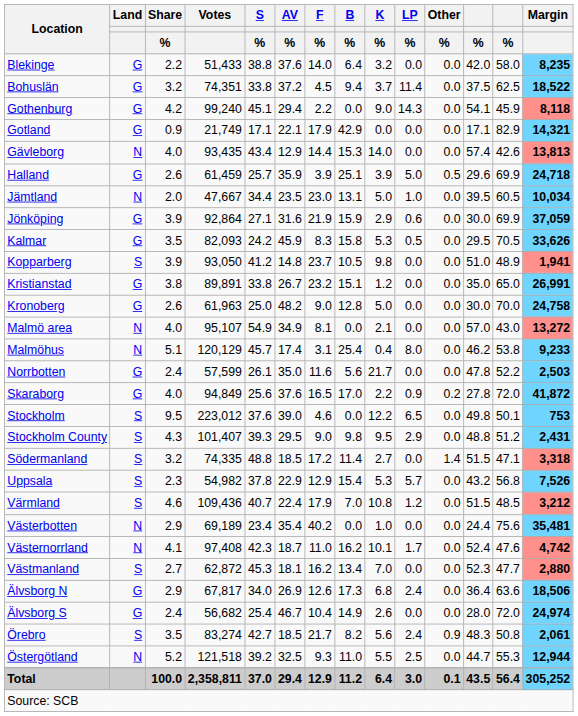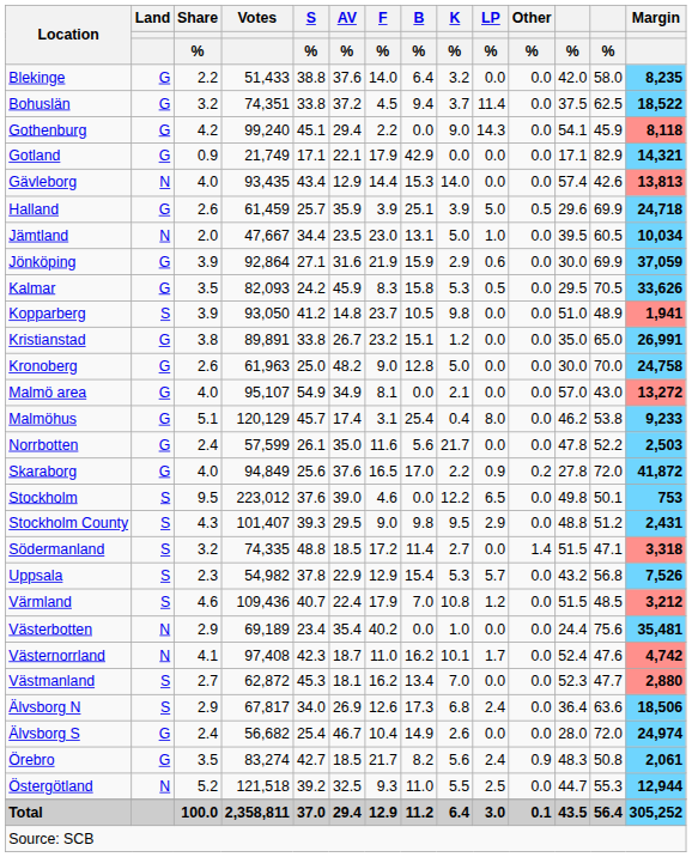 <table class="wikitable sortable" style="text-align:right; font-size:95%; line-height:20px;">
 <tr>
 <th rowspan="3">Location</th>
 <th>Land</th>
 <th>Share</th>
 <th>Votes</th>
 <th width="30px" class="unsortable"><a href='#'>S</a></th>
 <th width="30px" class="unsortable"><a href='#'>AV</a></th>
 <th width="30px" class="unsortable"><a href='#'>F</a></th>
 <th width="30px" class="unsortable"><a href='#'>B</a></th>
 <th width="30px" class="unsortable"><a href='#'>K</a></th>
 <th width="30px" class="unsortable"><a href='#'>LP</a></th>
 <th width="30px" class="unsortable">Other</th>
 <th></th>
 <th></th>
 <th>Margin</th>
 </tr>
 <tr>
 <th></th>
 <th></th>
 <th></th>
 <th style="background:"></th>
 <th style="background:"></th>
 <th style="background:"></th>
 <th style="background:"></th>
 <th style="background:"></th>
 <th style="background:"></th>
 <th style="background:"></th>
 <th style="background:"></th>
 <th style="background:"></th>
 <th></th>
 </tr>
 <tr>
 <th></th>
 <th data-sort-type="number">%</th>
 <th></th>
 <th data-sort-type="number">%</th>
 <th data-sort-type="number">%</th>
 <th data-sort-type="number">%</th>
 <th data-sort-type="number">%</th>
 <th data-sort-type="number">%</th>
 <th data-sort-type="number">%</th>
 <th data-sort-type="number">%</th>
 <th data-sort-type="number">%</th>
 <th data-sort-type="number">%</th>
 <th></th>
 </tr>
 <tr>
 <td align=left><a href='#'>Blekinge</a></td>
 <td><a href='#'>G</a></td>
 <td>2.2</td>
 <td>51,433</td>
 <td>38.8</td>
 <td>37.6</td>
 <td>14.0</td>
 <td>6.4</td>
 <td>3.2</td>
 <td>0.0</td>
 <td>0.0</td>
 <td>42.0</td>
 <td>58.0</td>
 <td bgcolor=#6fd5fe><strong>8,235</strong></td>
 </tr>
 <tr>
 <td align=left><a href='#'>Bohuslän</a></td>
 <td><a href='#'>G</a></td>
 <td>3.2</td>
 <td>74,351</td>
 <td>33.8</td>
 <td>37.2</td>
 <td>4.5</td>
 <td>9.4</td>
 <td>3.7</td>
 <td>11.4</td>
 <td>0.0</td>
 <td>37.5</td>
 <td>62.5</td>
 <td bgcolor=#6fd5fe><strong>18,522</strong></td>
 </tr>
 <tr>
 <td align=left><a href='#'>Gothenburg</a></td>
 <td><a href='#'>G</a></td>
 <td>4.2</td>
 <td>99,240</td>
 <td>45.1</td>
 <td>29.4</td>
 <td>2.2</td>
 <td>0.0</td>
 <td>9.0</td>
 <td>14.3</td>
 <td>0.0</td>
 <td>54.1</td>
 <td>45.9</td>
 <td bgcolor=#ff908c><strong>8,118</strong></td>
 </tr>
 <tr>
 <td align=left><a href='#'>Gotland</a></td>
 <td><a href='#'>G</a></td>
 <td>0.9</td>
 <td>21,749</td>
 <td>17.1</td>
 <td>22.1</td>
 <td>17.9</td>
 <td>42.9</td>
 <td>0.0</td>
 <td>0.0</td>
 <td>0.0</td>
 <td>17.1</td>
 <td>82.9</td>
 <td bgcolor=#6fd5fe><strong>14,321</strong></td>
 </tr>
 <tr>
 <td align=left><a href='#'>Gävleborg</a></td>
 <td><a href='#'>N</a></td>
 <td>4.0</td>
 <td>93,435</td>
 <td>43.4</td>
 <td>12.9</td>
 <td>14.4</td>
 <td>15.3</td>
 <td>14.0</td>
 <td>0.0</td>
 <td>0.0</td>
 <td>57.4</td>
 <td>42.6</td>
 <td bgcolor=#ff908c><strong>13,813</strong></td>
 </tr>
 <tr>
 <td align=left><a href='#'>Halland</a></td>
 <td><a href='#'>G</a></td>
 <td>2.6</td>
 <td>61,459</td>
 <td>25.7</td>
 <td>35.9</td>
 <td>3.9</td>
 <td>25.1</td>
 <td>3.9</td>
 <td>5.0</td>
 <td>0.5</td>
 <td>29.6</td>
 <td>69.9</td>
 <td bgcolor=#6fd5fe><strong>24,718</strong></td>
 </tr>
 <tr>
 <td align=left><a href='#'>Jämtland</a></td>
 <td><a href='#'>N</a></td>
 <td>2.0</td>
 <td>47,667</td>
 <td>34.4</td>
 <td>23.5</td>
 <td>23.0</td>
 <td>13.1</td>
 <td>5.0</td>
 <td>1.0</td>
 <td>0.0</td>
 <td>39.5</td>
 <td>60.5</td>
 <td bgcolor=#6fd5fe><strong>10,034</strong></td>
 </tr>
 <tr>
 <td align=left><a href='#'>Jönköping</a></td>
 <td><a href='#'>G</a></td>
 <td>3.9</td>
 <td>92,864</td>
 <td>27.1</td>
 <td>31.6</td>
 <td>21.9</td>
 <td>15.9</td>
 <td>2.9</td>
 <td>0.6</td>
 <td>0.0</td>
 <td>30.0</td>
 <td>69.9</td>
 <td bgcolor=#6fd5fe><strong>37,059</strong></td>
 </tr>
 <tr>
 <td align=left><a href='#'>Kalmar</a></td>
 <td><a href='#'>G</a></td>
 <td>3.5</td>
 <td>82,093</td>
 <td>24.2</td>
 <td>45.9</td>
 <td>8.3</td>
 <td>15.8</td>
 <td>5.3</td>
 <td>0.5</td>
 <td>0.0</td>
 <td>29.5</td>
 <td>70.5</td>
 <td bgcolor=#6fd5fe><strong>33,626</strong></td>
 </tr>
 <tr>
 <td align=left><a href='#'>Kopparberg</a></td>
 <td><a href='#'>S</a></td>
 <td>3.9</td>
 <td>93,050</td>
 <td>41.2</td>
 <td>14.8</td>
 <td>23.7</td>
 <td>10.5</td>
 <td>9.8</td>
 <td>0.0</td>
 <td>0.0</td>
 <td>51.0</td>
 <td>48.9</td>
 <td bgcolor=#ff908c><strong>1,941</strong></td>
 </tr>
 <tr>
 <td align=left><a href='#'>Kristianstad</a></td>
 <td><a href='#'>G</a></td>
 <td>3.8</td>
 <td>89,891</td>
 <td>33.8</td>
 <td>26.7</td>
 <td>23.2</td>
 <td>15.1</td>
 <td>1.2</td>
 <td>0.0</td>
 <td>0.0</td>
 <td>35.0</td>
 <td>65.0</td>
 <td bgcolor=#6fd5fe><strong>26,991</strong></td>
 </tr>
 <tr>
 <td align=left><a href='#'>Kronoberg</a></td>
 <td><a href='#'>G</a></td>
 <td>2.6</td>
 <td>61,963</td>
 <td>25.0</td>
 <td>48.2</td>
 <td>9.0</td>
 <td>12.8</td>
 <td>5.0</td>
 <td>0.0</td>
 <td>0.0</td>
 <td>30.0</td>
 <td>70.0</td>
 <td bgcolor=#6fd5fe><strong>24,758</strong></td>
 </tr>
 <tr>
 <td align=left><a href='#'>Malmö area</a></td>
-<td><a href='#'>N</a></td>
+<td><a href='#'>G</a></td>
 <td>4.0</td>
 <td>95,107</td>
 <td>54.9</td>
 <td>34.9</td>
 <td>8.1</td>
 <td>0.0</td>
 <td>2.1</td>
 <td>0.0</td>
 <td>0.0</td>
 <td>57.0</td>
 <td>43.0</td>
 <td bgcolor=#ff908c><strong>13,272</strong></td>
 </tr>
 <tr>
 <td align=left><a href='#'>Malmöhus</a></td>
-<td><a href='#'>N</a></td>
+<td><a href='#'>G</a></td>
 <td>5.1</td>
 <td>120,129</td>
 <td>45.7</td>
 <td>17.4</td>
 <td>3.1</td>
 <td>25.4</td>
 <td>0.4</td>
 <td>8.0</td>
 <td>0.0</td>
 <td>46.2</td>
 <td>53.8</td>
 <td bgcolor=#6fd5fe><strong>9,233</strong></td>
 </tr>
 <tr>
 <td align=left><a href='#'>Norrbotten</a></td>
 <td><a href='#'>G</a></td>
 <td>2.4</td>
 <td>57,599</td>
 <td>26.1</td>
 <td>35.0</td>
 <td>11.6</td>
 <td>5.6</td>
 <td>21.7</td>
 <td>0.0</td>
 <td>0.0</td>
 <td>47.8</td>
 <td>52.2</td>
 <td bgcolor=#6fd5fe><strong>2,503</strong></td>
 </tr>
 <tr>
 <td align=left><a href='#'>Skaraborg</a></td>
 <td><a href='#'>G</a></td>
 <td>4.0</td>
 <td>94,849</td>
 <td>25.6</td>
 <td>37.6</td>
 <td>16.5</td>
 <td>17.0</td>
 <td>2.2</td>
 <td>0.9</td>
 <td>0.2</td>
 <td>27.8</td>
 <td>72.0</td>
 <td bgcolor=#6fd5fe><strong>41,872</strong></td>
 </tr>
 <tr>
 <td align=left><a href='#'>Stockholm</a></td>
 <td><a href='#'>S</a></td>
 <td>9.5</td>
 <td>223,012</td>
 <td>37.6</td>
 <td>39.0</td>
 <td>4.6</td>
 <td>0.0</td>
 <td>12.2</td>
 <td>6.5</td>
 <td>0.0</td>
 <td>49.8</td>
 <td>50.1</td>
 <td bgcolor=#6fd5fe><strong>753</strong></td>
 </tr>
 <tr>
 <td align=left><a href='#'>Stockholm County</a></td>
 <td><a href='#'>S</a></td>
 <td>4.3</td>
 <td>101,407</td>
 <td>39.3</td>
 <td>29.5</td>
 <td>9.0</td>
 <td>9.8</td>
 <td>9.5</td>
 <td>2.9</td>
 <td>0.0</td>
 <td>48.8</td>
 <td>51.2</td>
 <td bgcolor=#6fd5fe><strong>2,431</strong></td>
 </tr>
 <tr>
 <td align=left><a href='#'>Södermanland</a></td>
 <td><a href='#'>S</a></td>
 <td>3.2</td>
 <td>74,335</td>
 <td>48.8</td>
 <td>18.5</td>
 <td>17.2</td>
 <td>11.4</td>
 <td>2.7</td>
 <td>0.0</td>
 <td>1.4</td>
 <td>51.5</td>
 <td>47.1</td>
 <td bgcolor=#ff908c><strong>3,318</strong></td>
 </tr>
 <tr>
 <td align=left><a href='#'>Uppsala</a></td>
 <td><a href='#'>S</a></td>
 <td>2.3</td>
 <td>54,982</td>
 <td>37.8</td>
 <td>22.9</td>
 <td>12.9</td>
 <td>15.4</td>
 <td>5.3</td>
 <td>5.7</td>
 <td>0.0</td>
 <td>43.2</td>
 <td>56.8</td>
 <td bgcolor=#6fd5fe><strong>7,526</strong></td>
 </tr>
 <tr>
 <td align=left><a href='#'>Värmland</a></td>
 <td><a href='#'>S</a></td>
 <td>4.6</td>
 <td>109,436</td>
 <td>40.7</td>
 <td>22.4</td>
 <td>17.9</td>
 <td>7.0</td>
 <td>10.8</td>
 <td>1.2</td>
 <td>0.0</td>
 <td>51.5</td>
 <td>48.5</td>
 <td bgcolor=#ff908c><strong>3,212</strong></td>
 </tr>
 <tr>
 <td align=left><a href='#'>Västerbotten</a></td>
 <td><a href='#'>N</a></td>
 <td>2.9</td>
 <td>69,189</td>
 <td>23.4</td>
 <td>35.4</td>
 <td>40.2</td>
 <td>0.0</td>
 <td>1.0</td>
 <td>0.0</td>
 <td>0.0</td>
 <td>24.4</td>
 <td>75.6</td>
 <td bgcolor=#6fd5fe><strong>35,481</strong></td>
 </tr>
 <tr>
 <td align=left><a href='#'>Västernorrland</a></td>
 <td><a href='#'>N</a></td>
 <td>4.1</td>
 <td>97,408</td>
 <td>42.3</td>
 <td>18.7</td>
 <td>11.0</td>
 <td>16.2</td>
 <td>10.1</td>
 <td>1.7</td>
 <td>0.0</td>
 <td>52.4</td>
 <td>47.6</td>
 <td bgcolor=#ff908c><strong>4,742</strong></td>
 </tr>
 <tr>
 <td align=left><a href='#'>Västmanland</a></td>
 <td><a href='#'>S</a></td>
 <td>2.7</td>
 <td>62,872</td>
 <td>45.3</td>
 <td>18.1</td>
 <td>16.2</td>
 <td>13.4</td>
 <td>7.0</td>
 <td>0.0</td>
 <td>0.0</td>
 <td>52.3</td>
 <td>47.7</td>
 <td bgcolor=#ff908c><strong>2,880</strong></td>
 </tr>
 <tr>
 <td align=left><a href='#'>Älvsborg N</a></td>
-<td><a href='#'>G</a></td>
+<td><a href='#'>S</a></td>
 <td>2.9</td>
 <td>67,817</td>
 <td>34.0</td>
 <td>26.9</td>
 <td>12.6</td>
 <td>17.3</td>
 <td>6.8</td>
 <td>2.4</td>
 <td>0.0</td>
 <td>36.4</td>
 <td>63.6</td>
 <td bgcolor=#6fd5fe><strong>18,506</strong></td>
 </tr>
 <tr>
 <td align=left><a href='#'>Älvsborg S</a></td>
 <td><a href='#'>G</a></td>
 <td>2.4</td>
 <td>56,682</td>
 <td>25.4</td>
 <td>46.7</td>
 <td>10.4</td>
 <td>14.9</td>
 <td>2.6</td>
 <td>0.0</td>
 <td>0.0</td>
 <td>28.0</td>
 <td>72.0</td>
 <td bgcolor=#6fd5fe><strong>24,974</strong></td>
 </tr>
 <tr>
 <td align=left><a href='#'>Örebro</a></td>
-<td><a href='#'>S</a></td>
+<td><a href='#'>G</a></td>
 <td>3.5</td>
 <td>83,274</td>
 <td>42.7</td>
 <td>18.5</td>
 <td>21.7</td>
 <td>8.2</td>
 <td>5.6</td>
 <td>2.4</td>
 <td>0.9</td>
 <td>48.3</td>
 <td>50.8</td>
 <td bgcolor=#6fd5fe><strong>2,061</strong></td>
 </tr>
 <tr>
 <td align=left><a href='#'>Östergötland</a></td>
 <td><a href='#'>N</a></td>
 <td>5.2</td>
 <td>121,518</td>
 <td>39.2</td>
 <td>32.5</td>
 <td>9.3</td>
 <td>11.0</td>
 <td>5.5</td>
 <td>2.5</td>
 <td>0.0</td>
 <td>44.7</td>
 <td>55.3</td>
 <td bgcolor=#6fd5fe><strong>12,944</strong></td>
 </tr>
 <tr>
 </tr>
 <tr style="background:#CDCDCD;">
 <td align=left><strong>Total</strong></td>
 <td></td>
 <td><strong>100.0</strong></td>
 <td><strong>2,358,811</strong></td>
 <td><strong>37.0</strong></td>
 <td><strong>29.4</strong></td>
 <td><strong>12.9</strong></td>
 <td><strong>11.2</strong></td>
 <td><strong>6.4</strong></td>
 <td><strong>3.0</strong></td>
 <td><strong>0.1</strong></td>
 <td><strong>43.5</strong></td>
 <td><strong>56.4</strong></td>
 <td bgcolor=#6fd5fe><strong>305,252</strong></td>
 </tr>
 <tr>
 <td align=left colspan=14>Source: SCB </td>
 </tr>
 </table>
